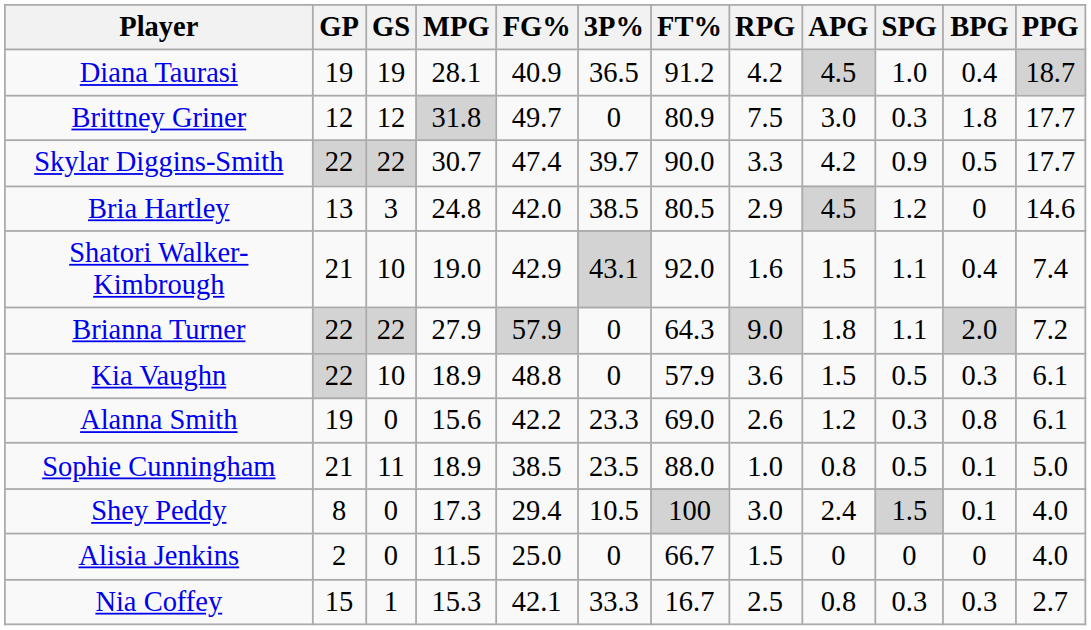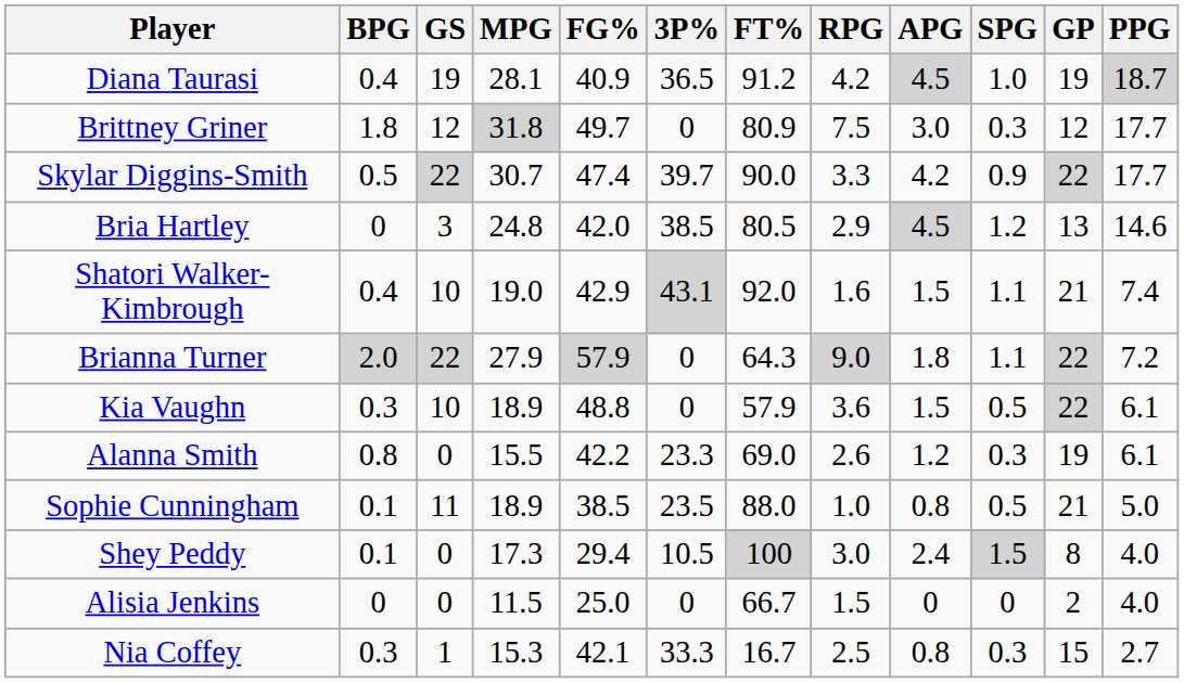 <table class="wikitable sortable" style="text-align:center;">
 <tr>
 <th>Player</th>
-<th>GP</th>
+<th>BPG</th>
 <th>GS</th>
 <th>MPG</th>
 <th>FG%</th>
 <th>3P%</th>
 <th>FT%</th>
 <th>RPG</th>
 <th>APG</th>
 <th>SPG</th>
-<th>BPG</th>
+<th>GP</th>
 <th>PPG</th>
 </tr>
 <tr>
 <td><a href='#'>Diana Taurasi</a></td>
-<td>19</td>
+<td>0.4</td>
 <td>19</td>
 <td>28.1</td>
 <td>40.9</td>
 <td>36.5</td>
 <td>91.2</td>
 <td>4.2</td>
 <td style="background:#D3D3D3;">4.5</td>
 <td>1.0</td>
-<td>0.4</td>
+<td>19</td>
 <td style="background:#D3D3D3;">18.7</td>
 </tr>
 <tr>
 <td><a href='#'>Brittney Griner</a></td>
-<td>12</td>
+<td>1.8</td>
 <td>12</td>
 <td style="background:#D3D3D3;">31.8</td>
 <td>49.7</td>
 <td>0</td>
 <td>80.9</td>
 <td>7.5</td>
 <td>3.0</td>
 <td>0.3</td>
-<td>1.8</td>
+<td>12</td>
 <td>17.7</td>
 </tr>
 <tr>
 <td><a href='#'>Skylar Diggins-Smith</a></td>
-<td style="background:#D3D3D3;">22</td>
+<td>0.5</td>
 <td style="background:#D3D3D3;">22</td>
 <td>30.7</td>
 <td>47.4</td>
 <td>39.7</td>
 <td>90.0</td>
 <td>3.3</td>
 <td>4.2</td>
 <td>0.9</td>
-<td>0.5</td>
+<td style="background:#D3D3D3;">22</td>
 <td>17.7</td>
 </tr>
 <tr>
 <td><a href='#'>Bria Hartley</a></td>
-<td>13</td>
+<td>0</td>
 <td>3</td>
 <td>24.8</td>
 <td>42.0</td>
 <td>38.5</td>
 <td>80.5</td>
 <td>2.9</td>
 <td style="background:#D3D3D3;">4.5</td>
 <td>1.2</td>
-<td>0</td>
+<td>13</td>
 <td>14.6</td>
 </tr>
 <tr>
 <td><a href='#'>Shatori Walker-Kimbrough</a></td>
-<td>21</td>
+<td>0.4</td>
 <td>10</td>
 <td>19.0</td>
 <td>42.9</td>
 <td style="background:#D3D3D3;">43.1</td>
 <td>92.0</td>
 <td>1.6</td>
 <td>1.5</td>
 <td>1.1</td>
-<td>0.4</td>
+<td>21</td>
 <td>7.4</td>
 </tr>
 <tr>
 <td><a href='#'>Brianna Turner</a></td>
-<td style="background:#D3D3D3;">22</td>
+<td style="background:#D3D3D3;">2.0</td>
 <td style="background:#D3D3D3;">22</td>
 <td>27.9</td>
 <td style="background:#D3D3D3;">57.9</td>
 <td>0</td>
 <td>64.3</td>
 <td style="background:#D3D3D3;">9.0</td>
 <td>1.8</td>
 <td>1.1</td>
-<td style="background:#D3D3D3;">2.0</td>
+<td style="background:#D3D3D3;">22</td>
 <td>7.2</td>
 </tr>
 <tr>
 <td><a href='#'>Kia Vaughn</a></td>
-<td style="background:#D3D3D3;">22</td>
+<td>0.3</td>
 <td>10</td>
 <td>18.9</td>
 <td>48.8</td>
 <td>0</td>
 <td>57.9</td>
 <td>3.6</td>
 <td>1.5</td>
 <td>0.5</td>
-<td>0.3</td>
+<td style="background:#D3D3D3;">22</td>
 <td>6.1</td>
 </tr>
 <tr>
 <td><a href='#'>Alanna Smith</a></td>
-<td>19</td>
+<td>0.8</td>
 <td>0</td>
-<td>15.6</td>
+<td>15.5</td>
 <td>42.2</td>
 <td>23.3</td>
 <td>69.0</td>
 <td>2.6</td>
 <td>1.2</td>
 <td>0.3</td>
-<td>0.8</td>
+<td>19</td>
 <td>6.1</td>
 </tr>
 <tr>
 <td><a href='#'>Sophie Cunningham</a></td>
-<td>21</td>
+<td>0.1</td>
 <td>11</td>
 <td>18.9</td>
 <td>38.5</td>
 <td>23.5</td>
 <td>88.0</td>
 <td>1.0</td>
 <td>0.8</td>
 <td>0.5</td>
-<td>0.1</td>
+<td>21</td>
 <td>5.0</td>
 </tr>
 <tr>
 <td><a href='#'>Shey Peddy</a></td>
-<td>8</td>
+<td>0.1</td>
 <td>0</td>
 <td>17.3</td>
 <td>29.4</td>
 <td>10.5</td>
 <td style="background:#D3D3D3;">100</td>
 <td>3.0</td>
 <td>2.4</td>
 <td style="background:#D3D3D3;">1.5</td>
-<td>0.1</td>
+<td>8</td>
 <td>4.0</td>
 </tr>
 <tr>
 <td><a href='#'>Alisia Jenkins</a></td>
-<td>2</td>
+<td>0</td>
 <td>0</td>
 <td>11.5</td>
 <td>25.0</td>
 <td>0</td>
 <td>66.7</td>
 <td>1.5</td>
 <td>0</td>
 <td>0</td>
-<td>0</td>
+<td>2</td>
 <td>4.0</td>
 </tr>
 <tr>
 <td><a href='#'>Nia Coffey</a></td>
-<td>15</td>
+<td>0.3</td>
 <td>1</td>
 <td>15.3</td>
 <td>42.1</td>
 <td>33.3</td>
 <td>16.7</td>
 <td>2.5</td>
 <td>0.8</td>
 <td>0.3</td>
-<td>0.3</td>
+<td>15</td>
 <td>2.7</td>
 </tr>
 </table>
